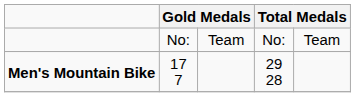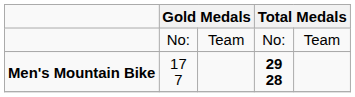 <table class="wikitable" style="text-align: center; font-size:95%;">
 <tr>
 <td></td>
 <th colspan=2>Gold Medals</th>
 <th colspan=2>Total Medals</th>
 </tr>
 <tr>
 <td></td>
 <td>No:</td>
 <td>Team</td>
 <td>No:</td>
 <td>Team</td>
 </tr>
 <tr>
 </tr>
 <tr>
 <td><strong>Men's Mountain Bike</strong></td>
 <td>17 <br> 7</td>
 <td align="left"> <br> </td>
-<td>29 <br> 28</td>
+<td><strong>29 <br> 28</strong></td>
 <td align="left"> <br> </td>
 </tr>
 <tr>
 </tr>
 </table>
